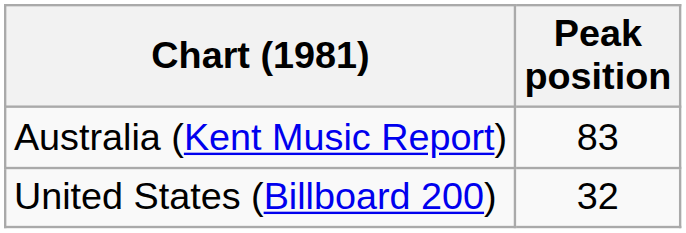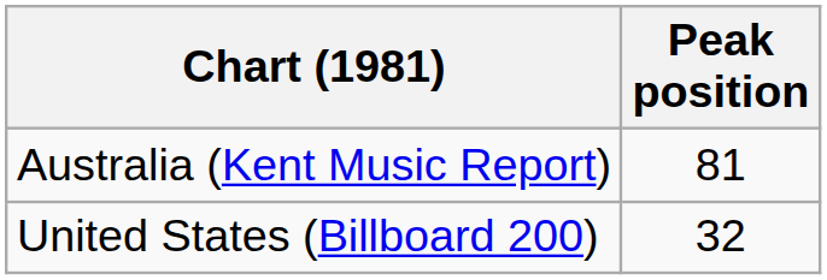 <table class="wikitable">
 <tr>
 <th scope="col">Chart (1981)</th>
 <th>Peak<br>position</th>
 </tr>
 <tr>
 <td>Australia (<a href='#'>Kent Music Report</a>)</td>
-<td style="text-align:center;">83</td>
+<td style="text-align:center;">81</td>
 </tr>
 <tr>
 <td>United States (<a href='#'>Billboard 200</a>)</td>
 <td style="text-align:center;">32</td>
 </tr>
 </table>
